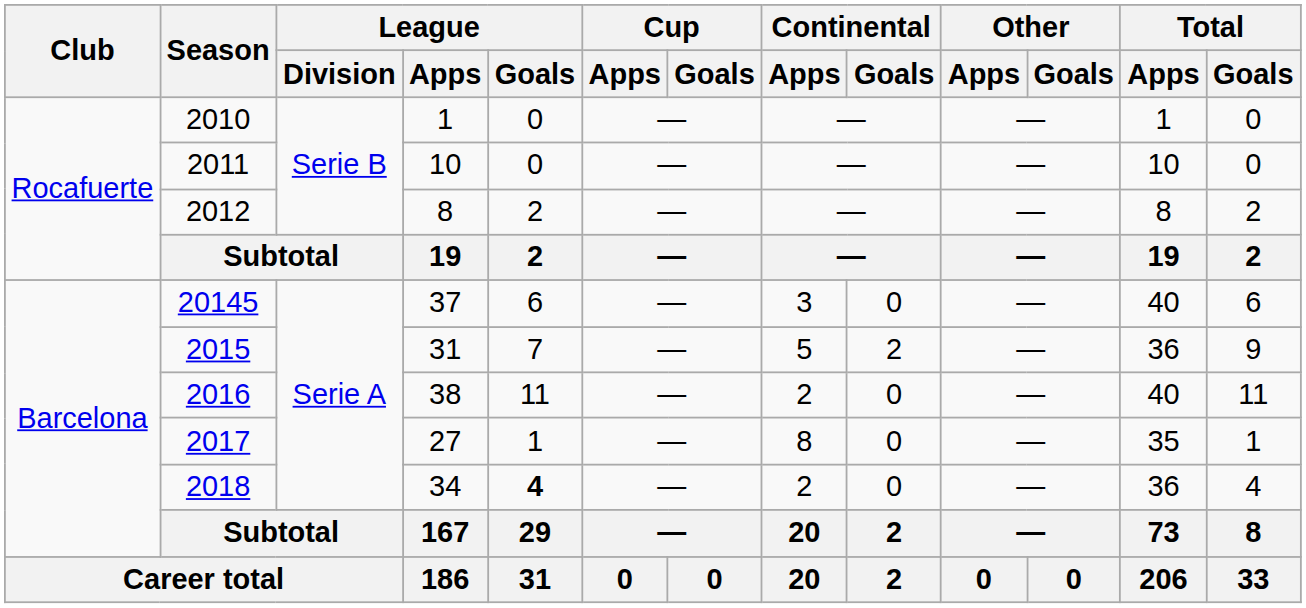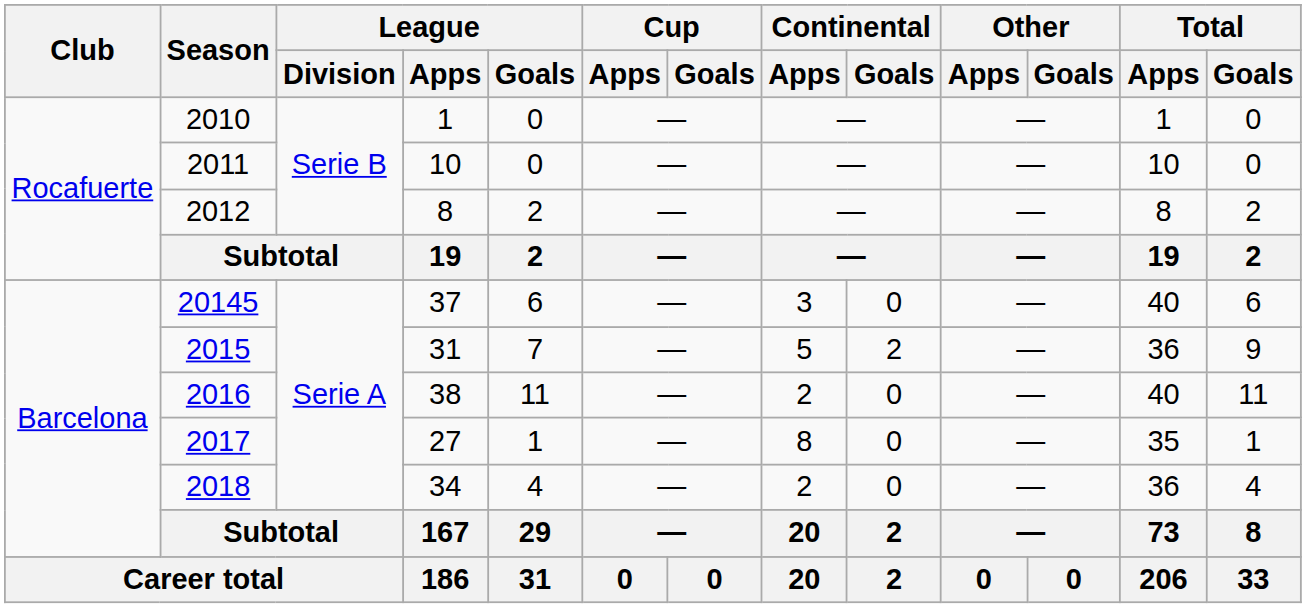 <table class="wikitable" style="text-align: center;">
 <tr>
 <th rowspan="2">Club</th>
 <th rowspan="2">Season</th>
 <th colspan="3">League</th>
 <th colspan="2">Cup</th>
 <th colspan="2">Continental</th>
 <th colspan="2">Other</th>
 <th colspan="2">Total</th>
 </tr>
 <tr>
 <th>Division</th>
 <th>Apps</th>
 <th>Goals</th>
 <th>Apps</th>
 <th>Goals</th>
 <th>Apps</th>
 <th>Goals</th>
 <th>Apps</th>
 <th>Goals</th>
 <th>Apps</th>
 <th>Goals</th>
 </tr>
 <tr>
 <td rowspan="4" valign="center"><a href='#'>Rocafuerte</a></td>
 <td>2010</td>
 <td rowspan="3"><a href='#'>Serie B</a></td>
 <td>1</td>
 <td>0</td>
 <td colspan="2">—</td>
 <td colspan="2">—</td>
 <td colspan="2">—</td>
 <td>1</td>
 <td>0</td>
 </tr>
 <tr>
 <td>2011</td>
 <td>10</td>
 <td>0</td>
 <td colspan="2">—</td>
 <td colspan="2">—</td>
 <td colspan="2">—</td>
 <td>10</td>
 <td>0</td>
 </tr>
 <tr>
 <td>2012</td>
 <td>8</td>
 <td>2</td>
 <td colspan="2">—</td>
 <td colspan="2">—</td>
 <td colspan="2">—</td>
 <td>8</td>
 <td>2</td>
 </tr>
 <tr>
 <th colspan="2">Subtotal</th>
 <th>19</th>
 <th>2</th>
 <th colspan="2">—</th>
 <th colspan="2">—</th>
 <th colspan="2">—</th>
 <th>19</th>
 <th>2</th>
 </tr>
 <tr>
 <td rowspan="6" valign="center"><a href='#'>Barcelona</a></td>
 <td><a href='#'>20145</a></td>
 <td rowspan="5"><a href='#'>Serie A</a></td>
 <td>37</td>
 <td>6</td>
 <td colspan="2">—</td>
 <td>3</td>
 <td>0</td>
 <td colspan="2">—</td>
 <td>40</td>
 <td>6</td>
 </tr>
 <tr>
 <td><a href='#'>2015</a></td>
 <td>31</td>
 <td>7</td>
 <td colspan="2">—</td>
 <td>5</td>
 <td>2</td>
 <td colspan="2">—</td>
 <td>36</td>
 <td>9</td>
 </tr>
 <tr>
 <td><a href='#'>2016</a></td>
 <td>38</td>
 <td>11</td>
 <td colspan="2">—</td>
 <td>2</td>
 <td>0</td>
 <td colspan="2">—</td>
 <td>40</td>
 <td>11</td>
 </tr>
 <tr>
 <td><a href='#'>2017</a></td>
 <td>27</td>
 <td>1</td>
 <td colspan="2">—</td>
 <td>8</td>
 <td>0</td>
 <td colspan="2">—</td>
 <td>35</td>
 <td>1</td>
 </tr>
 <tr>
 <td><a href='#'>2018</a></td>
 <td>34</td>
-<td><strong>4</strong></td>
+<td>4</td>
 <td colspan="2">—</td>
 <td>2</td>
 <td>0</td>
 <td colspan="2">—</td>
 <td>36</td>
 <td>4</td>
 </tr>
 <tr>
 <th colspan="2">Subtotal</th>
 <th>167</th>
 <th>29</th>
 <th colspan="2">—</th>
 <th>20</th>
 <th>2</th>
 <th colspan="2">—</th>
 <th>73</th>
 <th>8</th>
 </tr>
 <tr>
 <th colspan="3"><strong>Career total</strong></th>
 <th>186</th>
 <th>31</th>
 <th>0</th>
 <th>0</th>
 <th>20</th>
 <th>2</th>
 <th>0</th>
 <th>0</th>
 <th>206</th>
 <th>33</th>
 </tr>
 </table>
